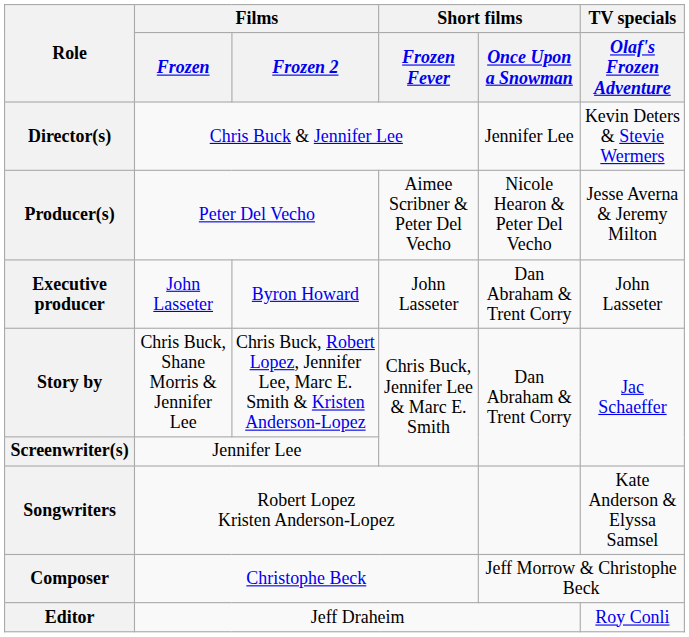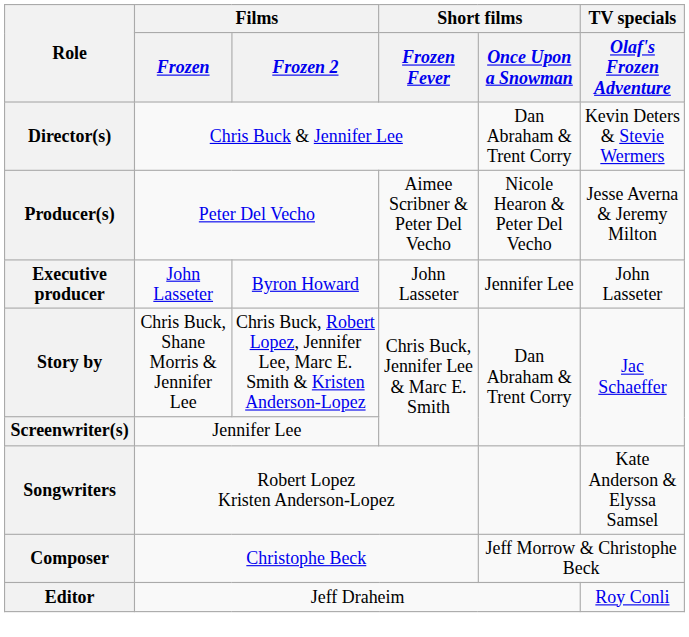 <table class="wikitable" style="text-align:center;">
 <tr>
 <th rowspan="2">Role</th>
 <th colspan="2">Films</th>
 <th colspan="2">Short films</th>
 <th colspan="2">TV specials</th>
 </tr>
 <tr>
 <th><em><a href='#'>Frozen</a></em></th>
 <th><em><a href='#'>Frozen 2</a></em></th>
 <th><em><a href='#'>Frozen Fever</a></em></th>
 <th><em><a href='#'>Once Upon a Snowman</a></em></th>
 <th><em><a href='#'>Olaf's Frozen Adventure</a></em></th>
 </tr>
 <tr>
 <th>Director(s)</th>
 <td colspan="3"><a href='#'>Chris Buck</a> & <a href='#'>Jennifer Lee</a></td>
-<td>Jennifer Lee</td>
+<td>Dan Abraham & Trent Corry</td>
 <td>Kevin Deters & <a href='#'>Stevie Wermers</a></td>
 </tr>
 <tr>
 <th>Producer(s)</th>
 <td colspan="2"><a href='#'>Peter Del Vecho</a></td>
 <td>Aimee Scribner & Peter Del Vecho</td>
 <td>Nicole Hearon & Peter Del Vecho</td>
 <td>Jesse Averna & Jeremy Milton</td>
 </tr>
 <tr>
 <th>Executive producer</th>
 <td><a href='#'>John Lasseter</a></td>
 <td><a href='#'>Byron Howard</a></td>
 <td>John Lasseter</td>
-<td>Dan Abraham & Trent Corry</td>
+<td>Jennifer Lee</td>
 <td>John Lasseter</td>
 </tr>
 <tr>
 <th>Story by</th>
 <td>Chris Buck, Shane Morris & Jennifer Lee</td>
 <td>Chris Buck, <a href='#'>Robert Lopez</a>, Jennifer Lee, Marc E. Smith & <a href='#'>Kristen Anderson-Lopez</a></td>
 <td rowspan="2">Chris Buck, Jennifer Lee & Marc E. Smith</td>
 <td rowspan="2">Dan Abraham & Trent Corry</td>
 <td rowspan="2"><a href='#'>Jac Schaeffer</a></td>
 </tr>
 <tr>
 <th>Screenwriter(s)</th>
 <td colspan="2">Jennifer Lee</td>
 </tr>
 <tr>
 <th>Songwriters</th>
 <td colspan="3">Robert Lopez <br>Kristen Anderson-Lopez </td>
 <td></td>
 <td>Kate Anderson & Elyssa Samsel</td>
 </tr>
 <tr>
 <th>Composer</th>
 <td colspan="3"><a href='#'>Christophe Beck</a></td>
 <td colspan="2">Jeff Morrow & Christophe Beck</td>
 </tr>
 <tr>
 <th>Editor</th>
 <td colspan="4">Jeff Draheim</td>
 <td><a href='#'>Roy Conli</a></td>
 </tr>
 </table>
